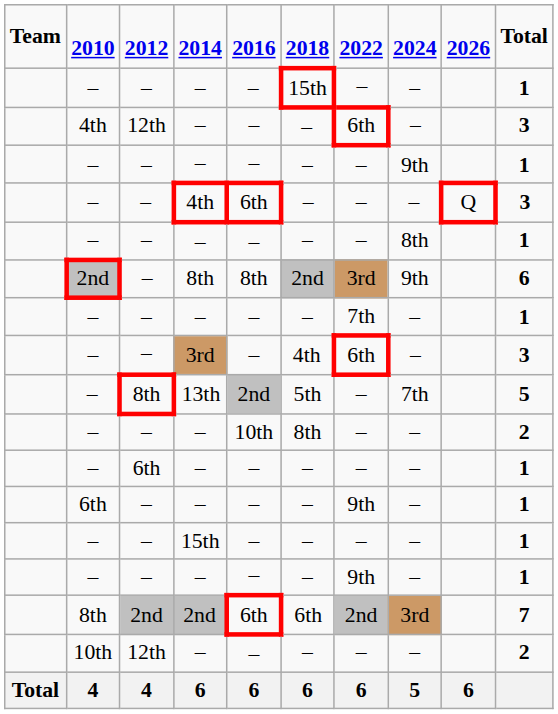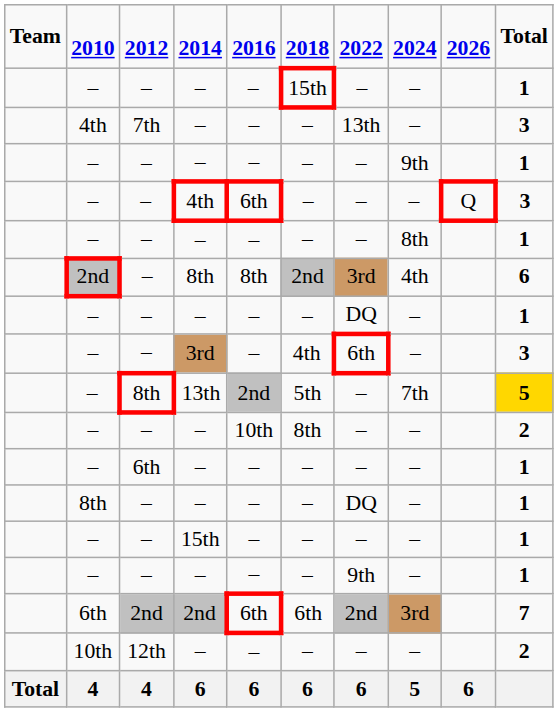 <table class="wikitable" style="text-align:center; font-size:90%">
 <tr bgcolor=>
 <td><strong>Team</strong></td>
 <td><strong><br><a href='#'>2010</a></strong></td>
 <td><strong><br><a href='#'>2012</a></strong></td>
 <td><strong><br><a href='#'>2014</a></strong></td>
 <td><strong><br><a href='#'>2016</a></strong></td>
 <td><strong><br><a href='#'>2018</a></strong></td>
 <td><strong><br><a href='#'>2022</a></strong></td>
 <td><strong><br><a href='#'>2024</a></strong></td>
 <td><strong><br><a href='#'>2026</a></strong></td>
 <td><strong>Total</strong></td>
 </tr>
 <tr>
 <td align=left></td>
 <td>–</td>
 <td>–</td>
 <td>–</td>
 <td>–</td>
 <td style="border: 3px solid red">15th</td>
 <td>–</td>
 <td>–</td>
 <td></td>
 <td><strong>1</strong></td>
 </tr>
 <tr>
 <td align=left></td>
 <td>4th</td>
-<td>12th</td>
+<td>7th</td>
 <td>–</td>
 <td>–</td>
 <td>–</td>
-<td style="border: 3px solid red">6th</td>
+<td>13th</td>
 <td>–</td>
 <td></td>
 <td><strong>3</strong></td>
 </tr>
 <tr>
 <td align=left></td>
 <td>–</td>
 <td>–</td>
 <td>–</td>
 <td>–</td>
 <td>–</td>
 <td>–</td>
 <td>9th</td>
 <td></td>
 <td><strong>1</strong></td>
 </tr>
 <tr>
 <td align=left></td>
 <td>–</td>
 <td>–</td>
 <td style="border: 3px solid red">4th</td>
 <td style="border: 3px solid red">6th</td>
 <td>–</td>
 <td>–</td>
 <td>–</td>
 <td style="border: 3px solid red">Q</td>
 <td><strong>3</strong></td>
 </tr>
 <tr>
 <td align=left></td>
 <td>–</td>
 <td>–</td>
 <td>–</td>
 <td>–</td>
 <td>–</td>
 <td>–</td>
 <td>8th</td>
 <td></td>
 <td><strong>1</strong></td>
 </tr>
 <tr>
 <td align=left></td>
 <td style="border: 3px solid red" bgcolor=silver>2nd</td>
 <td>–</td>
 <td>8th</td>
 <td>8th</td>
 <td bgcolor=silver>2nd</td>
 <td bgcolor=#cc9966>3rd</td>
-<td>9th</td>
+<td>4th</td>
 <td></td>
 <td><strong>6</strong></td>
 </tr>
 <tr>
 <td align=left></td>
 <td>–</td>
 <td>–</td>
 <td>–</td>
 <td>–</td>
 <td>–</td>
-<td>7th</td>
+<td>DQ</td>
 <td>–</td>
 <td></td>
 <td><strong>1</strong></td>
 </tr>
 <tr>
 <td align=left></td>
 <td>–</td>
 <td>–</td>
 <td bgcolor=#cc9966>3rd</td>
 <td>–</td>
 <td>4th</td>
 <td style="border: 3px solid red">6th</td>
 <td>–</td>
 <td></td>
 <td><strong>3</strong></td>
 </tr>
 <tr>
 <td align=left></td>
 <td>–</td>
 <td style="border: 3px solid red">8th</td>
 <td>13th</td>
 <td bgcolor=silver>2nd</td>
 <td>5th</td>
 <td>–</td>
 <td>7th</td>
 <td></td>
-<td><strong>5</strong></td>
+<td style="background: gold;"><strong>5</strong></td>
 </tr>
 <tr>
 <td align=left></td>
 <td>–</td>
 <td>–</td>
 <td>–</td>
 <td>10th</td>
 <td>8th</td>
 <td>–</td>
 <td>–</td>
 <td></td>
 <td><strong>2</strong></td>
 </tr>
 <tr>
 <td align=left></td>
 <td>–</td>
 <td>6th</td>
 <td>–</td>
 <td>–</td>
 <td>–</td>
 <td>–</td>
 <td>–</td>
 <td></td>
 <td><strong>1</strong></td>
 </tr>
 <tr>
 <td align=left></td>
-<td>6th</td>
+<td>8th</td>
 <td>–</td>
 <td>–</td>
 <td>–</td>
 <td>–</td>
-<td>9th</td>
+<td>DQ</td>
 <td>–</td>
 <td></td>
 <td><strong>1</strong></td>
 </tr>
 <tr>
 <td align=left></td>
 <td>–</td>
 <td>–</td>
 <td>15th</td>
 <td>–</td>
 <td>–</td>
 <td>–</td>
 <td>–</td>
 <td></td>
 <td><strong>1</strong></td>
 </tr>
 <tr>
 <td align=left></td>
 <td>–</td>
 <td>–</td>
 <td>–</td>
 <td>–</td>
 <td>–</td>
 <td>9th</td>
 <td>–</td>
 <td></td>
 <td><strong>1</strong></td>
 </tr>
 <tr>
 <td align=left></td>
-<td>8th</td>
+<td>6th</td>
 <td bgcolor=silver>2nd</td>
 <td bgcolor=silver>2nd</td>
 <td style="border: 3px solid red">6th</td>
 <td>6th</td>
 <td bgcolor=silver>2nd</td>
 <td bgcolor=#cc9966>3rd</td>
 <td></td>
 <td><strong>7</strong></td>
 </tr>
 <tr>
 <td align=left></td>
 <td>10th</td>
 <td>12th</td>
 <td>–</td>
 <td>–</td>
 <td>–</td>
 <td>–</td>
 <td>–</td>
 <td></td>
 <td><strong>2</strong></td>
 </tr>
 <tr>
 <th>Total</th>
 <th>4</th>
 <th>4</th>
 <th>6</th>
 <th>6</th>
 <th>6</th>
 <th>6</th>
 <th>5</th>
 <th>6</th>
 <th></th>
 </tr>
 </table>
